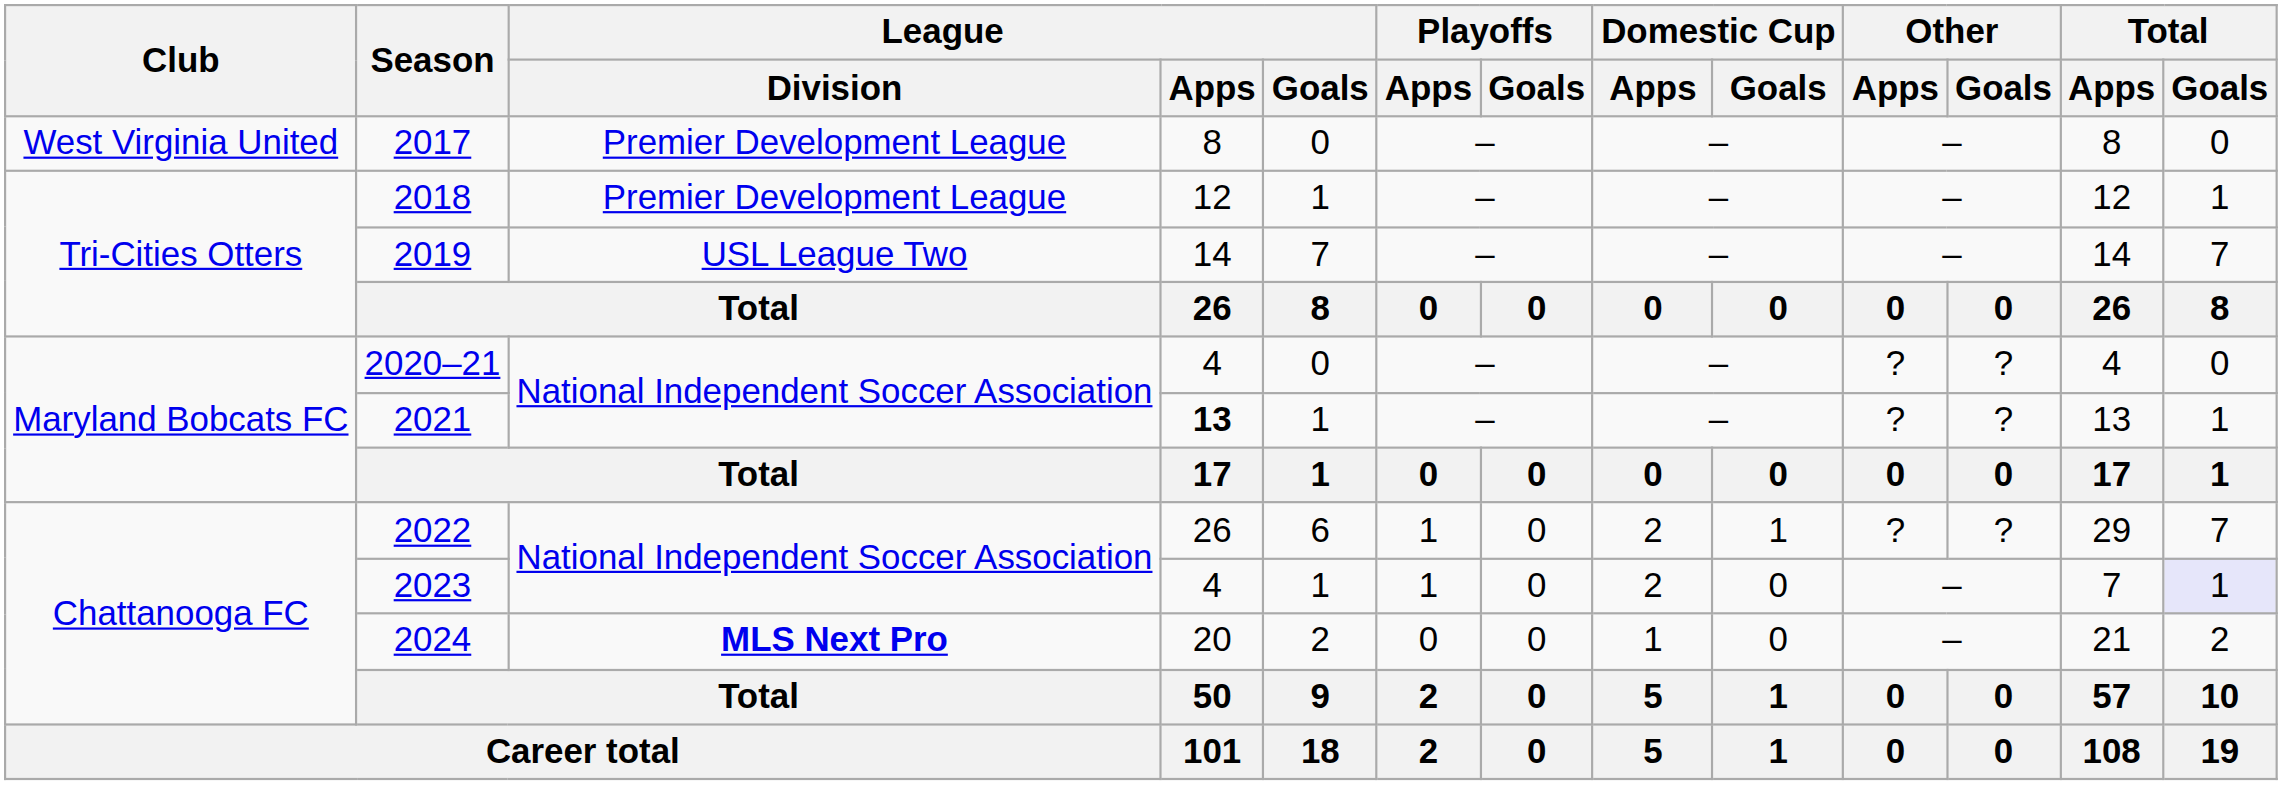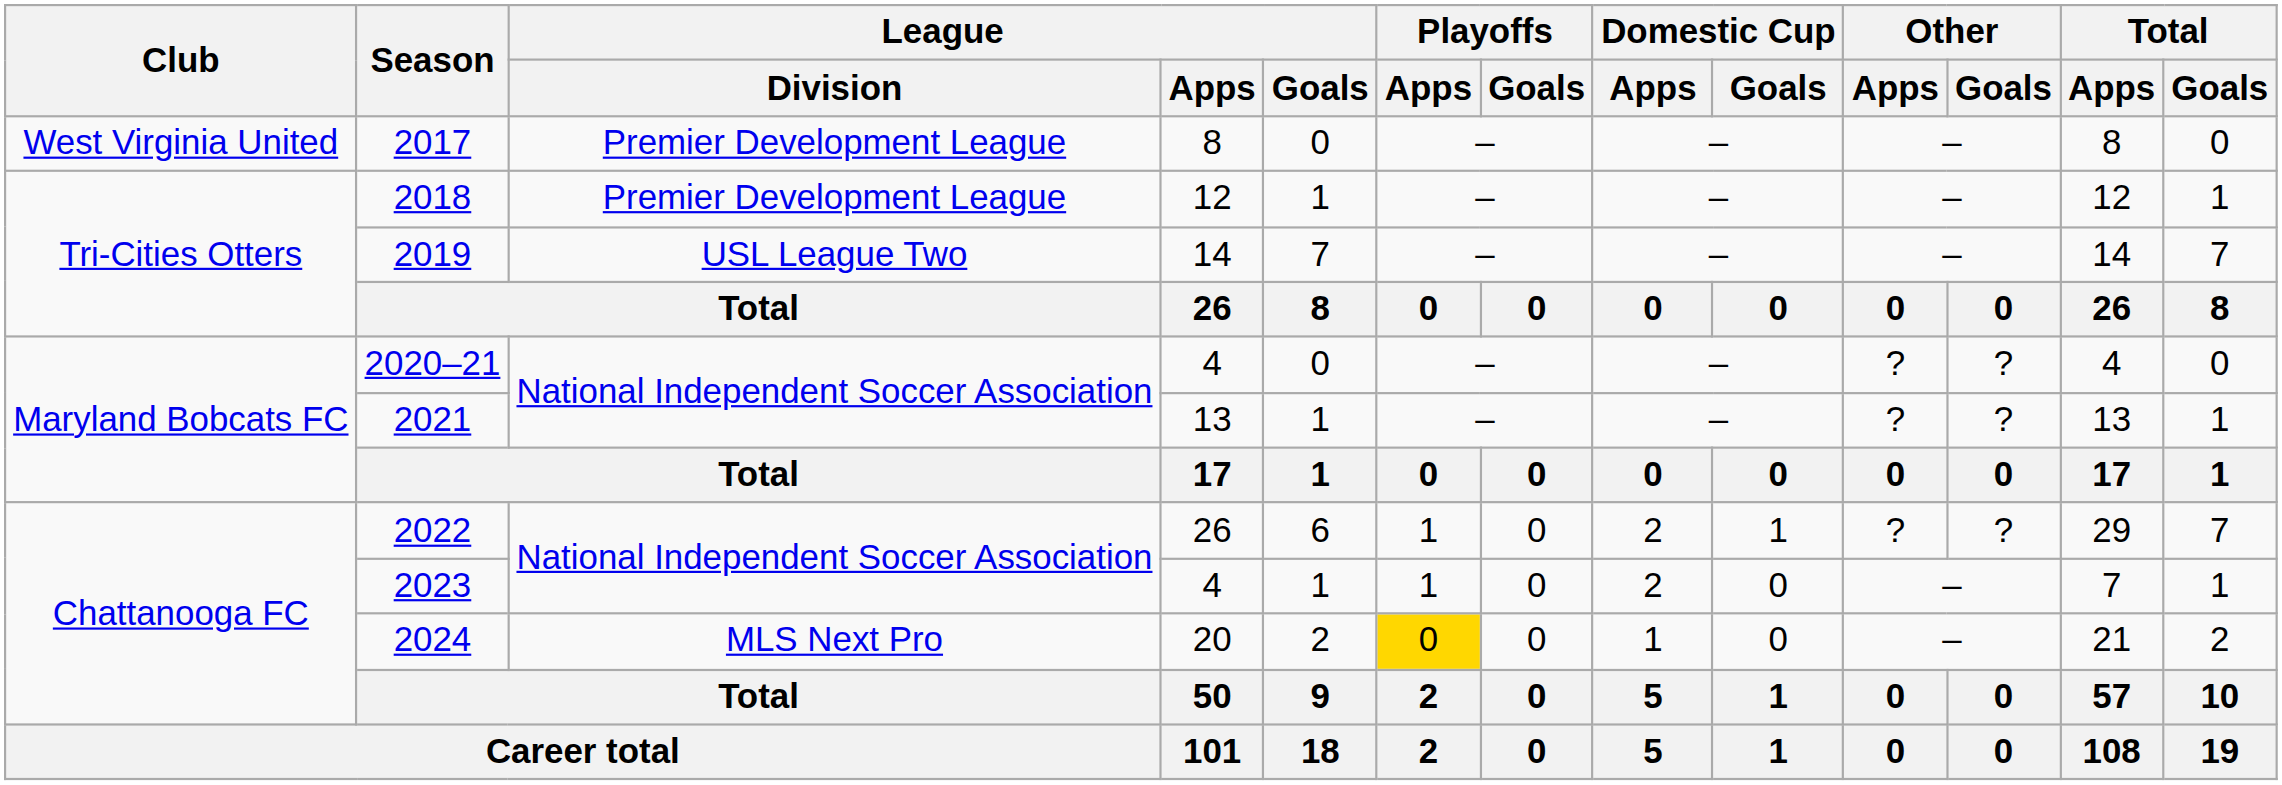 <table class="wikitable" style="text-align: center">
 <tr>
 <th rowspan="2">Club</th>
 <th rowspan="2">Season</th>
 <th colspan="3">League</th>
 <th colspan="2">Playoffs</th>
 <th colspan="2">Domestic Cup</th>
 <th colspan="2">Other</th>
 <th colspan="2">Total</th>
 </tr>
 <tr>
 <th>Division</th>
 <th>Apps</th>
 <th>Goals</th>
 <th>Apps</th>
 <th>Goals</th>
 <th>Apps</th>
 <th>Goals</th>
 <th>Apps</th>
 <th>Goals</th>
 <th>Apps</th>
 <th>Goals</th>
 </tr>
 <tr>
 <td><a href='#'>West Virginia United</a></td>
 <td><a href='#'>2017</a></td>
 <td><a href='#'>Premier Development League</a></td>
 <td>8</td>
 <td>0</td>
 <td colspan="2">–</td>
 <td colspan="2">–</td>
 <td colspan="2">–</td>
 <td>8</td>
 <td>0</td>
 </tr>
 <tr>
 <td rowspan=3><a href='#'>Tri-Cities Otters</a></td>
 <td><a href='#'>2018</a></td>
 <td><a href='#'>Premier Development League</a></td>
 <td>12</td>
 <td>1</td>
 <td colspan="2">–</td>
 <td colspan="2">–</td>
 <td colspan="2">–</td>
 <td>12</td>
 <td>1</td>
 </tr>
 <tr>
 <td><a href='#'>2019</a></td>
 <td><a href='#'>USL League Two</a></td>
 <td>14</td>
 <td>7</td>
 <td colspan="2">–</td>
 <td colspan="2">–</td>
 <td colspan="2">–</td>
 <td>14</td>
 <td>7</td>
 </tr>
 <tr>
 <th colspan="2">Total</th>
 <th>26</th>
 <th>8</th>
 <th>0</th>
 <th>0</th>
 <th>0</th>
 <th>0</th>
 <th>0</th>
 <th>0</th>
 <th>26</th>
 <th>8</th>
 </tr>
 <tr>
 <td rowspan=3><a href='#'>Maryland Bobcats FC</a></td>
 <td><a href='#'>2020–21</a></td>
 <td rowspan=2><a href='#'>National Independent Soccer Association</a></td>
 <td>4</td>
 <td>0</td>
 <td colspan="2">–</td>
 <td colspan="2">–</td>
 <td>?</td>
 <td>?</td>
 <td>4</td>
 <td>0</td>
 </tr>
 <tr>
 <td><a href='#'>2021</a></td>
-<td><strong>13</strong></td>
+<td>13</td>
 <td>1</td>
 <td colspan="2">–</td>
 <td colspan="2">–</td>
 <td>?</td>
 <td>?</td>
 <td>13</td>
 <td>1</td>
 </tr>
 <tr>
 <th colspan="2">Total</th>
 <th>17</th>
 <th>1</th>
 <th>0</th>
 <th>0</th>
 <th>0</th>
 <th>0</th>
 <th>0</th>
 <th>0</th>
 <th>17</th>
 <th>1</th>
 </tr>
 <tr>
 <td rowspan=4><a href='#'>Chattanooga FC</a></td>
 <td><a href='#'>2022</a></td>
 <td rowspan=2><a href='#'>National Independent Soccer Association</a></td>
 <td>26</td>
 <td>6</td>
 <td>1</td>
 <td>0</td>
 <td>2</td>
 <td>1</td>
 <td>?</td>
 <td>?</td>
 <td>29</td>
 <td>7</td>
 </tr>
 <tr>
 <td><a href='#'>2023</a></td>
 <td>4</td>
 <td>1</td>
 <td>1</td>
 <td>0</td>
 <td>2</td>
 <td>0</td>
 <td colspan="2">–</td>
 <td>7</td>
-<td style="background: lavender;">1</td>
+<td>1</td>
 </tr>
 <tr>
 <td><a href='#'>2024</a></td>
-<td><strong><a href='#'>MLS Next Pro</a></strong></td>
+<td><a href='#'>MLS Next Pro</a></td>
 <td>20</td>
 <td>2</td>
-<td>0</td>
+<td style="background: gold;">0</td>
 <td>0</td>
 <td>1</td>
 <td>0</td>
 <td colspan="2">–</td>
 <td>21</td>
 <td>2</td>
 </tr>
 <tr>
 <th colspan="2">Total</th>
 <th>50</th>
 <th>9</th>
 <th>2</th>
 <th>0</th>
 <th>5</th>
 <th>1</th>
 <th>0</th>
 <th>0</th>
 <th>57</th>
 <th>10</th>
 </tr>
 <tr>
 <th colspan="3"><strong>Career total</strong></th>
 <th>101</th>
 <th>18</th>
 <th>2</th>
 <th>0</th>
 <th>5</th>
 <th>1</th>
 <th>0</th>
 <th>0</th>
 <th>108</th>
 <th>19</th>
 </tr>
 </table>
